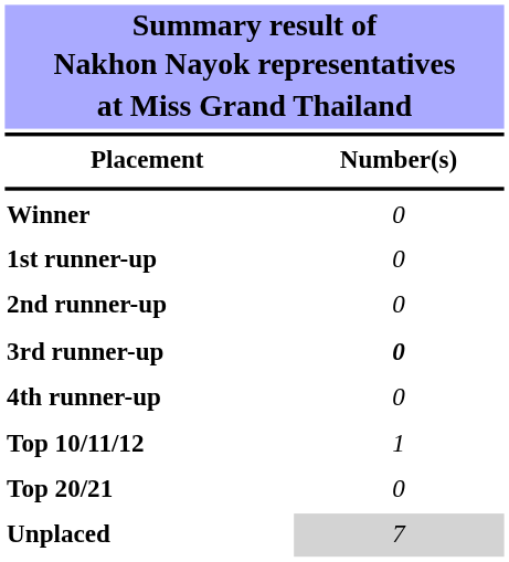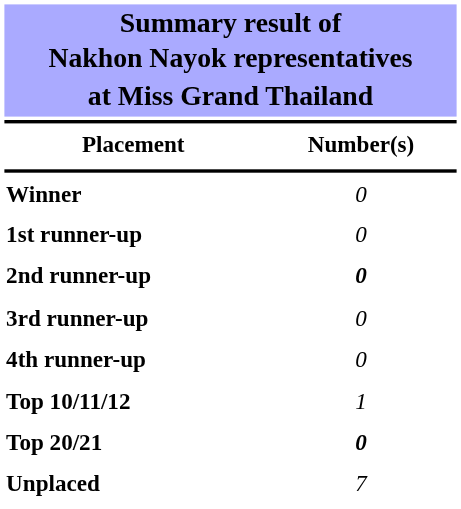 <table style="width: 270px; font-size:85%; line-height:1.5em;">
 <tr>
 <th colspan="2" align="center" style="background:#AAF;"><big>Summary result of<br>Nakhon Nayok representatives<br>at Miss Grand Thailand</big></th>
 </tr>
 <tr>
 <td colspan="2" style="background:black"></td>
 </tr>
 <tr>
 <th scope="col">Placement</th>
 <th scope="col">Number(s)</th>
 </tr>
 <tr>
 <td colspan="2" style="background:black"></td>
 </tr>
 <tr>
 <td align="left"><strong>Winner</strong></td>
 <td align="center"><em>0</em></td>
 </tr>
 <tr>
 <td align="left"><strong>1st runner-up</strong></td>
 <td align="center"><em>0</em></td>
 </tr>
 <tr>
 <td align="left"><strong>2nd runner-up</strong></td>
-<td align="center"><em>0</em></td>
+<td align="center"><strong><em>0</em></strong></td>
 </tr>
 <tr>
 <td align="left"><strong>3rd runner-up</strong></td>
-<td align="center"><strong><em>0</em></strong></td>
+<td align="center"><em>0</em></td>
 </tr>
 <tr>
 <td align="left"><strong>4th runner-up</strong></td>
 <td align="center"><em>0</em></td>
 </tr>
 <tr>
 <td align="left"><strong>Top 10/11/12</strong></td>
 <td align="center"><em>1</em></td>
 </tr>
 <tr>
 <td align="left"><strong>Top 20/21</strong></td>
-<td align="center"><em>0</em></td>
+<td align="center"><strong><em>0</em></strong></td>
 </tr>
 <tr>
 <td align="left"><strong>Unplaced</strong></td>
-<td align="center" style="background: lightgrey;"><em>7</em></td>
+<td align="center"><em>7</em></td>
 </tr>
 </table>
